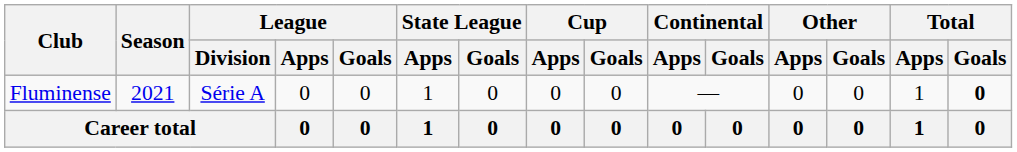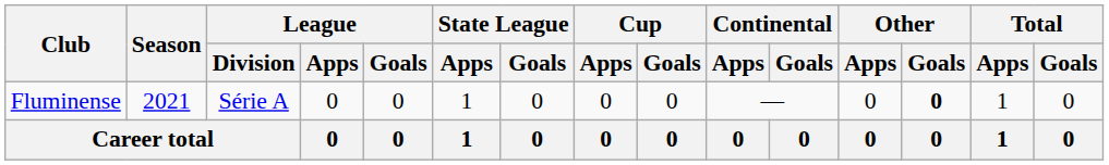 <table class="wikitable" style="text-align: center; font-size:96%">
 <tr>
 <th rowspan="2">Club</th>
 <th rowspan="2">Season</th>
 <th colspan="3">League</th>
 <th colspan="2">State League</th>
 <th colspan="2">Cup</th>
 <th colspan="2">Continental</th>
 <th colspan="2">Other</th>
 <th colspan="2">Total</th>
 </tr>
 <tr>
 <th>Division</th>
 <th>Apps</th>
 <th>Goals</th>
 <th>Apps</th>
 <th>Goals</th>
 <th>Apps</th>
 <th>Goals</th>
 <th>Apps</th>
 <th>Goals</th>
 <th>Apps</th>
 <th>Goals</th>
 <th>Apps</th>
 <th>Goals</th>
 </tr>
 <tr>
 <td><a href='#'>Fluminense</a></td>
 <td><a href='#'>2021</a></td>
 <td><a href='#'>Série A</a></td>
 <td>0</td>
 <td>0</td>
 <td>1</td>
 <td>0</td>
 <td>0</td>
 <td>0</td>
 <td colspan="2">—</td>
 <td>0</td>
+<td><strong>0</strong></td>
+<td>1</td>
 <td>0</td>
-<td>1</td>
-<td><strong>0</strong></td>
 </tr>
 <tr>
 <th colspan="3"><strong>Career total</strong></th>
 <th>0</th>
 <th>0</th>
 <th>1</th>
 <th>0</th>
 <th>0</th>
 <th>0</th>
 <th>0</th>
 <th>0</th>
 <th>0</th>
 <th>0</th>
 <th>1</th>
 <th>0</th>
 </tr>
 </table>
